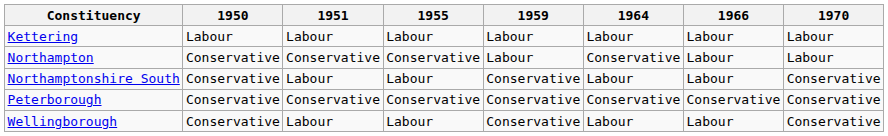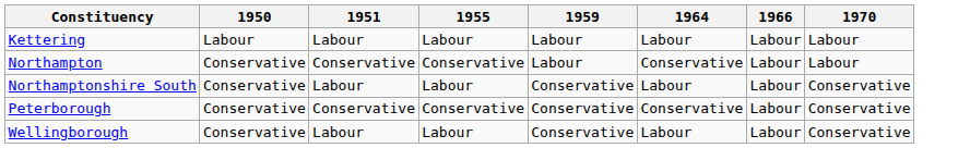 <table class="wikitable sortable">
 <tr>
 <th>Constituency</th>
 <th>1950</th>
 <th>1951</th>
 <th>1955</th>
 <th>1959</th>
 <th>1964</th>
 <th>1966</th>
 <th>1970</th>
 </tr>
 <tr>
 <td><a href='#'>Kettering</a></td>
 <td>Labour</td>
 <td>Labour</td>
 <td>Labour</td>
 <td>Labour</td>
 <td>Labour</td>
 <td>Labour</td>
 <td>Labour</td>
 </tr>
 <tr>
 <td><a href='#'>Northampton</a></td>
 <td>Conservative</td>
 <td>Conservative</td>
 <td>Conservative</td>
 <td>Labour</td>
 <td>Conservative</td>
 <td>Labour</td>
 <td>Labour</td>
 </tr>
 <tr>
 <td><a href='#'>Northamptonshire South</a></td>
 <td>Conservative</td>
 <td>Labour</td>
 <td>Labour</td>
 <td>Conservative</td>
 <td>Labour</td>
 <td>Labour</td>
 <td>Conservative</td>
 </tr>
 <tr>
 <td><a href='#'>Peterborough</a></td>
 <td>Conservative</td>
 <td>Conservative</td>
 <td>Conservative</td>
 <td>Conservative</td>
 <td>Conservative</td>
-<td>Conservative</td>
+<td>Labour</td>
 <td>Conservative</td>
 </tr>
 <tr>
 <td><a href='#'>Wellingborough</a></td>
 <td>Conservative</td>
 <td>Labour</td>
 <td>Labour</td>
 <td>Conservative</td>
 <td>Labour</td>
 <td>Labour</td>
 <td>Conservative</td>
 </tr>
 </table>
